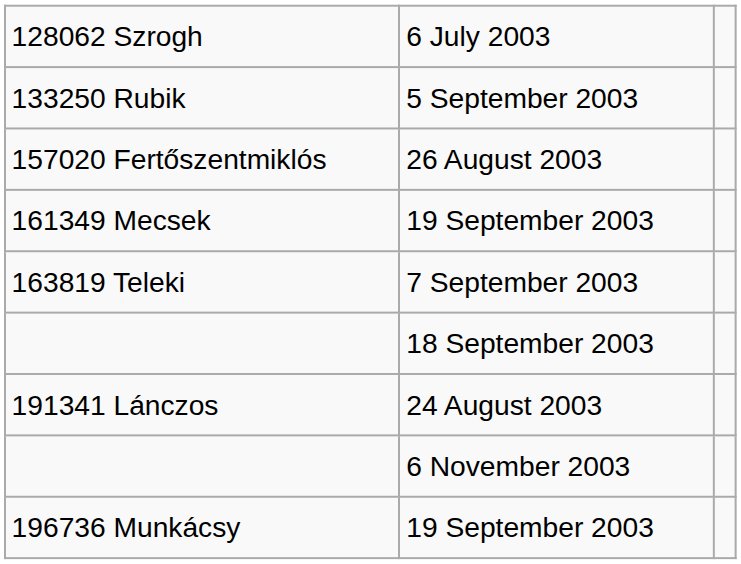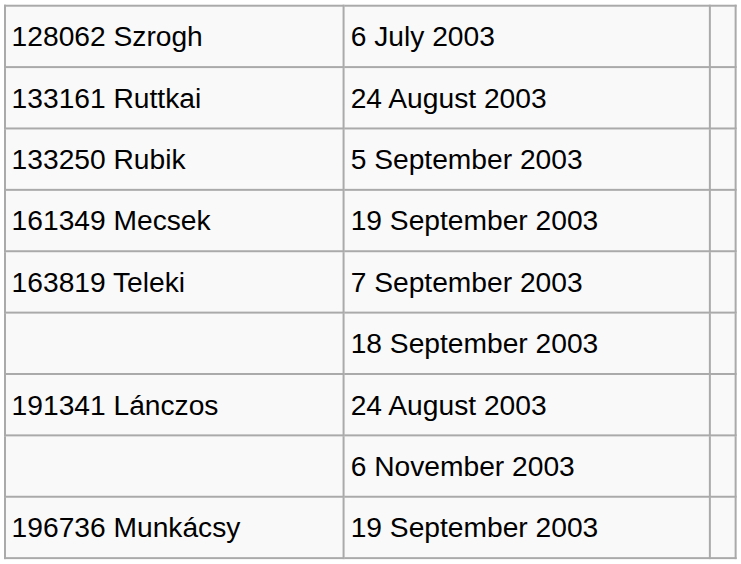 <table class="wikitable" style="font-size: 89%; float: left; width: 26em; margin-right: 1em; height: 280px;">
 <tr>
 <td>128062 Szrogh</td>
 <td>6 July 2003</td>
 <td> </td>
 </tr>
 <tr>
-<td>133250 Rubik</td>
-<td>5 September 2003</td>
+<td>133161 Ruttkai</td>
+<td>24 August 2003</td>
 <td> </td>
 </tr>
 <tr>
-<td>157020 Fertőszentmiklós</td>
-<td>26 August 2003</td>
+<td>133250 Rubik</td>
+<td>5 September 2003</td>
 <td> </td>
 </tr>
 <tr>
 <td>161349 Mecsek</td>
 <td>19 September 2003</td>
 <td> </td>
 </tr>
 <tr>
 <td>163819 Teleki</td>
 <td>7 September 2003</td>
 <td> </td>
 </tr>
 <tr>
 <td></td>
 <td>18 September 2003</td>
 <td> </td>
 </tr>
 <tr>
 <td>191341 Lánczos</td>
 <td>24 August 2003</td>
 <td> </td>
 </tr>
 <tr>
 <td></td>
 <td>6 November 2003</td>
 <td> </td>
 </tr>
 <tr>
 <td>196736 Munkácsy</td>
 <td>19 September 2003</td>
 <td> </td>
 </tr>
 </table>
